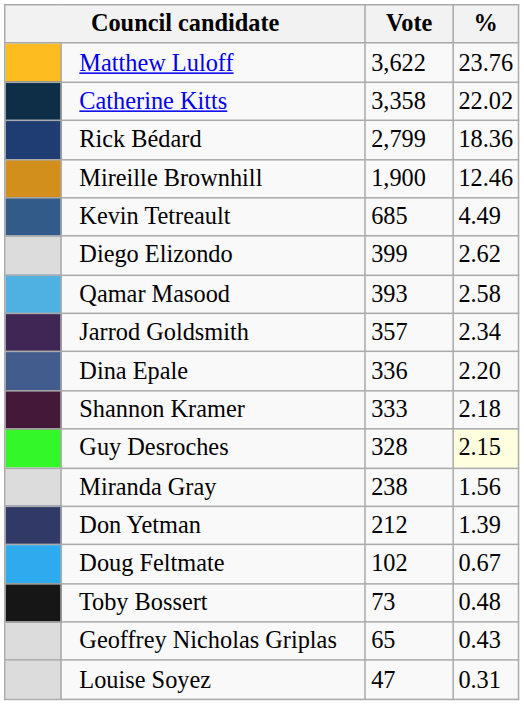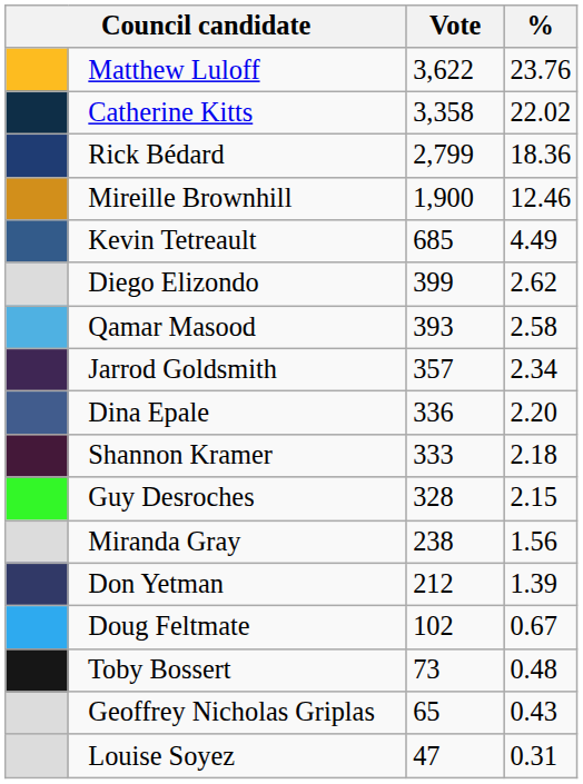 <table class="wikitable">
 <tr>
 <th bgcolor="#DDDDFF" width="230px" colspan="2">Council candidate</th>
 <th bgcolor="#DDDDFF" width="50px">Vote</th>
 <th bgcolor="#DDDDFF" width="30px">%</th>
 </tr>
 <tr>
 <td bgcolor=#FDBC20 width="30px"> </td>
 <td>  <a href='#'>Matthew Luloff</a></td>
 <td>3,622</td>
 <td>23.76</td>
 </tr>
 <tr>
 <td bgcolor=#0E2E47 width="30px"> </td>
 <td>  <a href='#'>Catherine Kitts</a></td>
 <td>3,358</td>
 <td>22.02</td>
 </tr>
 <tr>
 <td bgcolor=#1F3C73 width="30px"> </td>
 <td>  Rick Bédard</td>
 <td>2,799</td>
 <td>18.36</td>
 </tr>
 <tr>
 <td bgcolor=#D28F1B width="30px"> </td>
 <td>  Mireille Brownhill</td>
 <td>1,900</td>
 <td>12.46</td>
 </tr>
 <tr>
 <td bgcolor=#335B8A width="30px"> </td>
 <td>  Kevin Tetreault</td>
 <td>685</td>
 <td>4.49</td>
 </tr>
 <tr>
 <td bgcolor=#DCDCDC width="30px"> </td>
 <td>  Diego Elizondo</td>
 <td>399</td>
 <td>2.62</td>
 </tr>
 <tr>
 <td bgcolor=#4FB1E2 width="30px"> </td>
 <td>  Qamar Masood</td>
 <td>393</td>
 <td>2.58</td>
 </tr>
 <tr>
 <td bgcolor=#3F2654 width="30px"> </td>
 <td>  Jarrod Goldsmith</td>
 <td>357</td>
 <td>2.34</td>
 </tr>
 <tr>
 <td bgcolor=#415C8D width="30px"> </td>
 <td>  Dina Epale</td>
 <td>336</td>
 <td>2.20</td>
 </tr>
 <tr>
 <td bgcolor=#441839 width="30px"> </td>
 <td>  Shannon Kramer</td>
 <td>333</td>
 <td>2.18</td>
 </tr>
 <tr>
 <td bgcolor=#33F728 width="30px"> </td>
 <td>  Guy Desroches</td>
 <td>328</td>
-<td style="background: lightyellow;">2.15</td>
+<td>2.15</td>
 </tr>
 <tr>
 <td bgcolor=#DCDCDC width="30px"> </td>
 <td>  Miranda Gray</td>
 <td>238</td>
 <td>1.56</td>
 </tr>
 <tr>
 <td bgcolor=#313967 width="30px"> </td>
 <td>  Don Yetman</td>
 <td>212</td>
 <td>1.39</td>
 </tr>
 <tr>
 <td bgcolor=#2EAAEF width="30px"> </td>
 <td>  Doug Feltmate</td>
 <td>102</td>
 <td>0.67</td>
 </tr>
 <tr>
 <td bgcolor=#161616 width="30px"> </td>
 <td>  Toby Bossert</td>
 <td>73</td>
 <td>0.48</td>
 </tr>
 <tr>
 <td bgcolor=#DCDCDC width="30px"> </td>
 <td>  Geoffrey Nicholas Griplas</td>
 <td>65</td>
 <td>0.43</td>
 </tr>
 <tr>
 <td bgcolor=#DCDCDC width="30px"> </td>
 <td>  Louise Soyez</td>
 <td>47</td>
 <td>0.31</td>
 </tr>
 </table>
